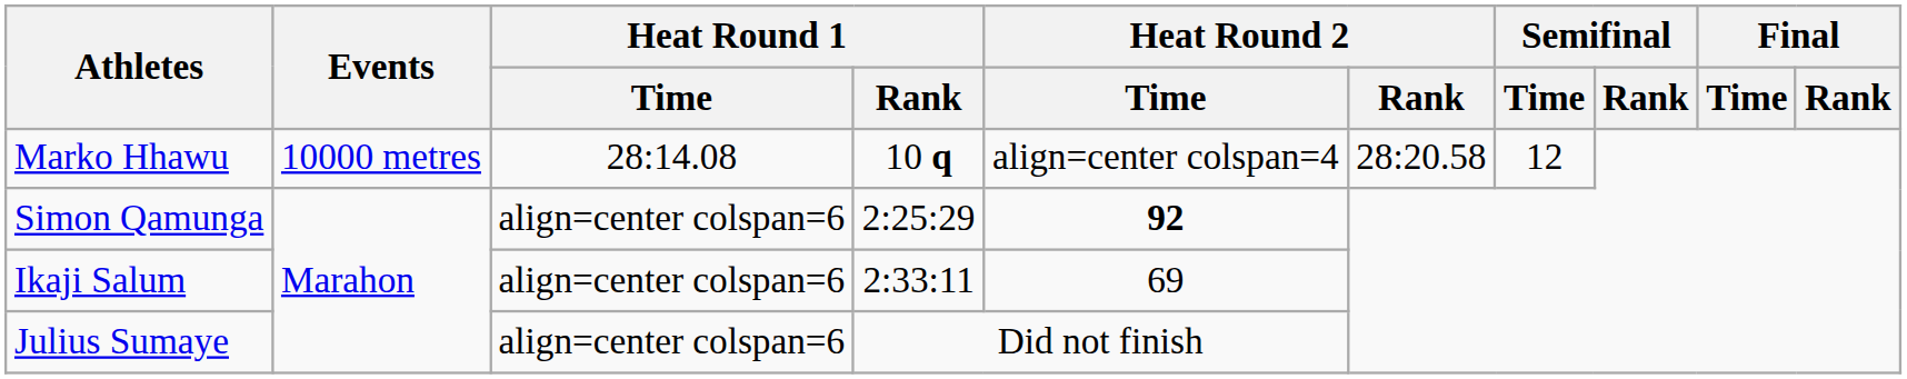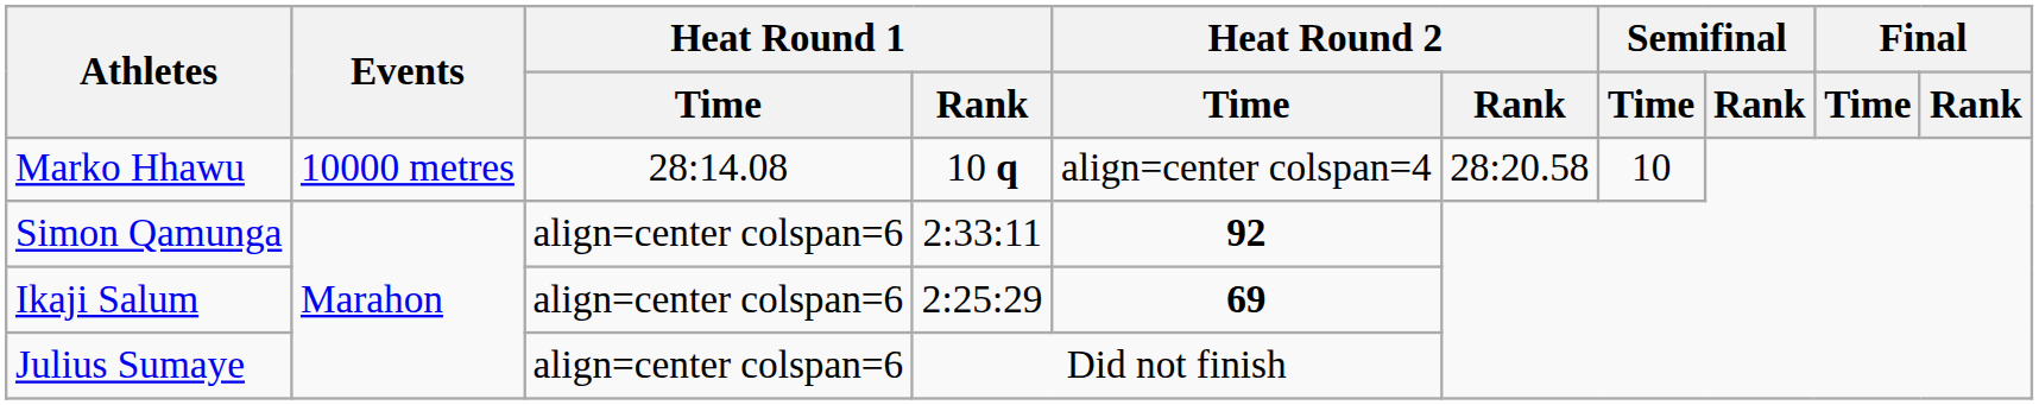 <table class=wikitable style=font-size:90%>
 <tr>
 <th rowspan=2>Athletes</th>
 <th rowspan=2>Events</th>
 <th colspan=2>Heat Round 1</th>
 <th colspan=2>Heat Round 2</th>
 <th colspan=2>Semifinal</th>
 <th colspan=2>Final</th>
 </tr>
 <tr>
 <th>Time</th>
 <th>Rank</th>
 <th>Time</th>
 <th>Rank</th>
 <th>Time</th>
 <th>Rank</th>
 <th>Time</th>
 <th>Rank</th>
 </tr>
 <tr>
 <td><a href='#'>Marko Hhawu</a></td>
 <td><a href='#'>10000 metres</a></td>
 <td align=center>28:14.08</td>
 <td align=center>10 <strong>q</strong></td>
 <td>align=center colspan=4 </td>
 <td align=center>28:20.58</td>
-<td align=center>12</td>
+<td align=center>10</td>
 </tr>
 <tr>
 <td><a href='#'>Simon Qamunga</a></td>
 <td rowspan=3><a href='#'>Marahon</a></td>
 <td>align=center colspan=6 </td>
-<td align=center>2:25:29</td>
+<td align=center>2:33:11</td>
 <td align=center><strong>92</strong></td>
 </tr>
 <tr>
 <td><a href='#'>Ikaji Salum</a></td>
 <td>align=center colspan=6 </td>
-<td align=center>2:33:11</td>
-<td align=center>69</td>
+<td align=center>2:25:29</td>
+<td align=center><strong>69</strong></td>
 </tr>
 <tr>
 <td><a href='#'>Julius Sumaye</a></td>
 <td>align=center colspan=6 </td>
 <td align=center colspan=2>Did not finish</td>
 </tr>
 </table>
